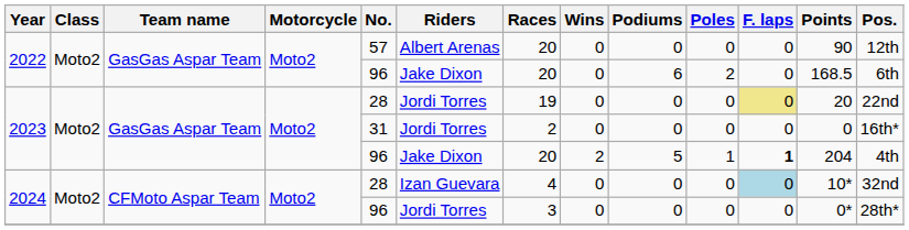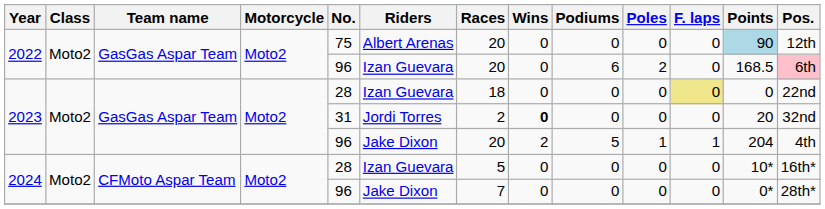 <table class="wikitable" style="text-align:right; font-size:80%">
 <tr>
 <th scope="col">Year</th>
 <th scope="col">Class</th>
 <th scope="col">Team name</th>
 <th scope="col">Motorcycle</th>
 <th scope="col">No.</th>
 <th scope="col">Riders</th>
 <th scope="col">Races</th>
 <th scope="col">Wins</th>
 <th scope="col">Podiums</th>
 <th scope="col"><a href='#'>Poles</a></th>
 <th scope="col"><a href='#'>F. laps</a></th>
 <th scope="col">Points</th>
 <th scope="col">Pos.</th>
 </tr>
 <tr>
 <td align="left" rowspan="2"><a href='#'>2022</a></td>
 <td align="left" rowspan="2">Moto2</td>
 <td align="left" rowspan="2"><a href='#'>GasGas Aspar Team</a></td>
 <td align="left" rowspan="2"><a href='#'>Moto2</a></td>
-<td align=center>57</td>
+<td align=center>75</td>
 <td align="left"> <a href='#'>Albert Arenas</a></td>
 <td>20</td>
 <td>0</td>
 <td>0</td>
 <td>0</td>
 <td>0</td>
-<td>90</td>
+<td style="background: lightblue;">90</td>
 <td>12th</td>
 </tr>
 <tr>
 <td align=center>96</td>
-<td align="left"> <a href='#'>Jake Dixon</a></td>
+<td align="left"> <a href='#'>Izan Guevara</a></td>
 <td>20</td>
 <td>0</td>
 <td>6</td>
 <td>2</td>
 <td>0</td>
 <td>168.5</td>
-<td>6th</td>
+<td style="background: pink;">6th</td>
 </tr>
 <tr>
 <td align="left" rowspan="3"><a href='#'>2023</a></td>
 <td align="left" rowspan="3">Moto2</td>
 <td align="left" rowspan="3"><a href='#'>GasGas Aspar Team</a></td>
 <td align="left" rowspan="3"><a href='#'>Moto2</a></td>
 <td align=center>28</td>
-<td align="left"> <a href='#'>Jordi Torres</a></td>
-<td>19</td>
+<td align="left"> <a href='#'>Izan Guevara</a></td>
+<td>18</td>
 <td>0</td>
 <td>0</td>
 <td>0</td>
 <td style="background: khaki;">0</td>
-<td>20</td>
+<td>0</td>
 <td>22nd</td>
 </tr>
 <tr>
 <td align=center>31</td>
 <td align="left"> <a href='#'>Jordi Torres</a></td>
 <td>2</td>
+<td><strong>0</strong></td>
 <td>0</td>
 <td>0</td>
 <td>0</td>
-<td>0</td>
-<td>0</td>
-<td>16th*</td>
+<td>20</td>
+<td>32nd</td>
 </tr>
 <tr>
 <td align=center>96</td>
 <td align="left"> <a href='#'>Jake Dixon</a></td>
 <td>20</td>
 <td>2</td>
 <td>5</td>
 <td>1</td>
-<td><strong>1</strong></td>
+<td>1</td>
 <td>204</td>
 <td>4th</td>
 </tr>
 <tr>
 <td align="left" rowspan="2"><a href='#'>2024</a></td>
 <td align="left" rowspan="2">Moto2</td>
 <td align="left" rowspan="2"><a href='#'>CFMoto Aspar Team</a></td>
 <td align="left" rowspan="2"><a href='#'>Moto2</a></td>
 <td align=center>28</td>
 <td align="left"> <a href='#'>Izan Guevara</a></td>
-<td>4</td>
+<td>5</td>
 <td>0</td>
 <td>0</td>
 <td>0</td>
-<td style="background: lightblue;">0</td>
+<td>0</td>
 <td>10*</td>
-<td>32nd</td>
+<td>16th*</td>
 </tr>
 <tr>
 <td align=center>96</td>
-<td align="left"> <a href='#'>Jordi Torres</a></td>
-<td>3</td>
+<td align="left"> <a href='#'>Jake Dixon</a></td>
+<td>7</td>
 <td>0</td>
 <td>0</td>
 <td>0</td>
 <td>0</td>
 <td>0*</td>
 <td>28th*</td>
 </tr>
 <tr>
 </tr>
 </table>
